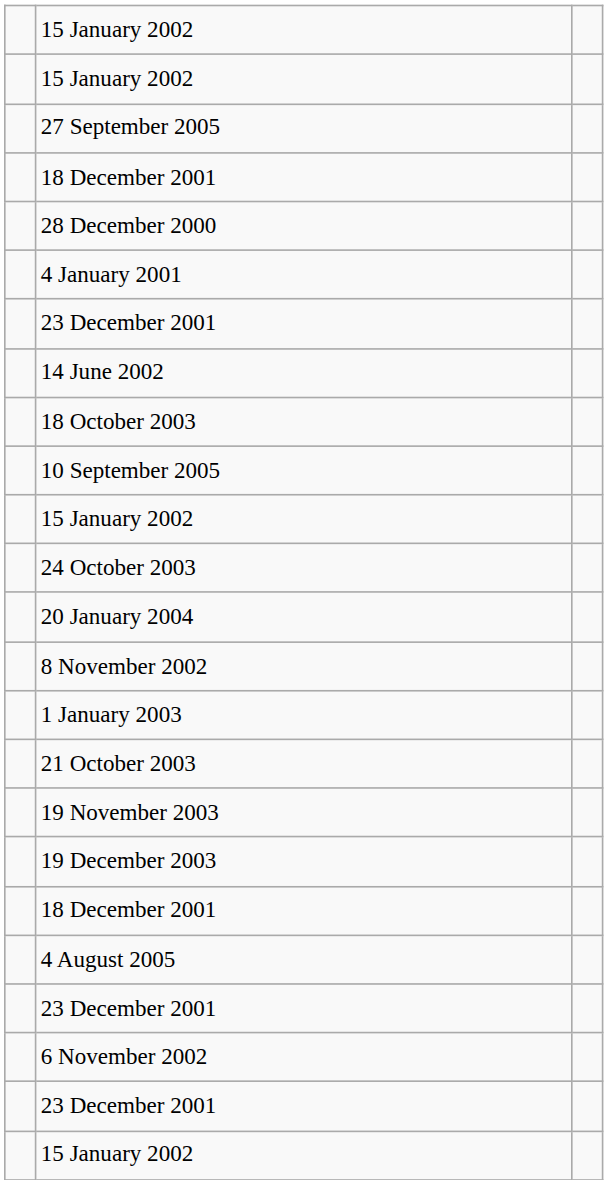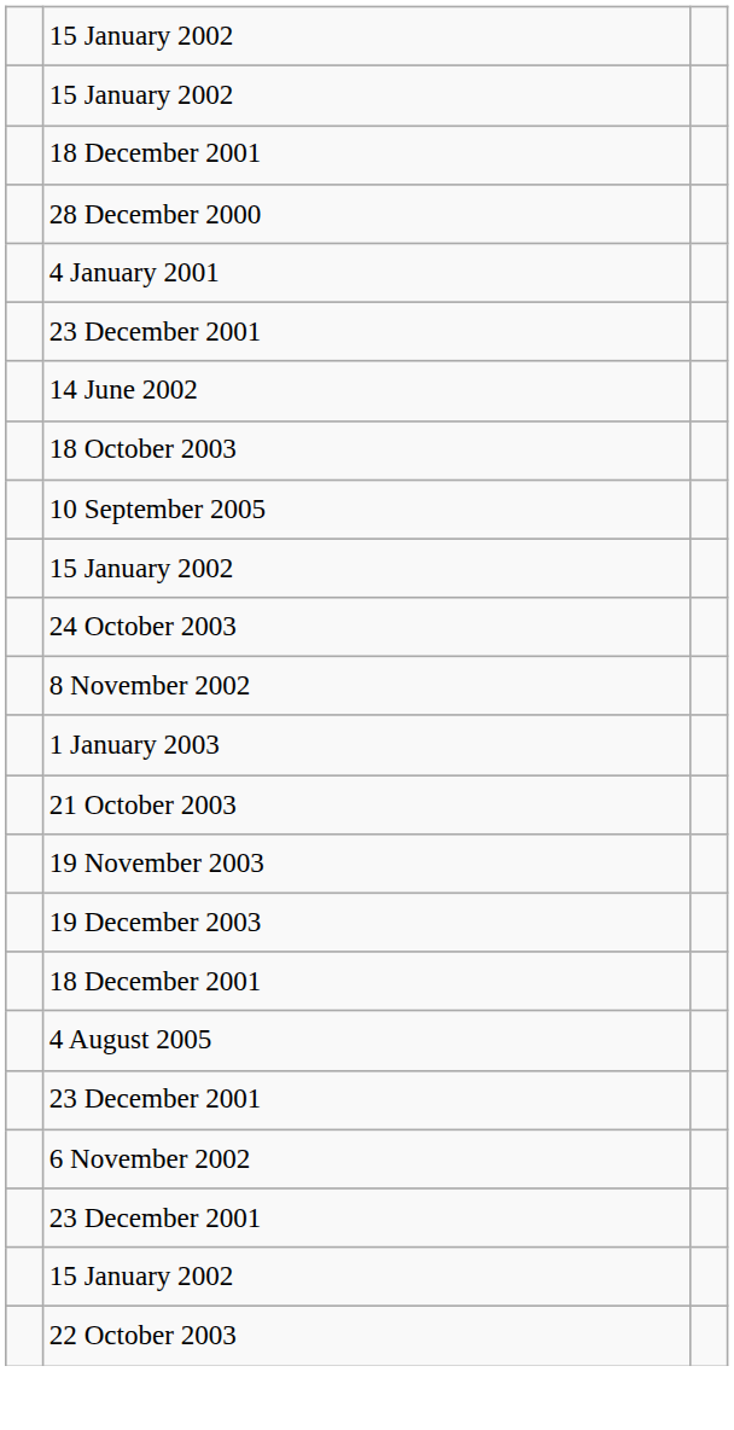 <table class="wikitable" style="font-size: 89%; float: left; width: 26em; margin-right: 1em; line-height: 1.65em !important; height: 675px;">
 <tr>
 <td></td>
 <td>15 January 2002</td>
 <td></td>
 </tr>
 <tr>
 <td></td>
 <td>15 January 2002</td>
-<td></td>
-</tr>
-<tr>
-<td></td>
-<td>27 September 2005</td>
 <td></td>
 </tr>
 <tr>
 <td></td>
 <td>18 December 2001</td>
 <td></td>
 </tr>
 <tr>
 <td></td>
 <td>28 December 2000</td>
 <td></td>
 </tr>
 <tr>
 <td></td>
 <td>4 January 2001</td>
 <td></td>
 </tr>
 <tr>
 <td></td>
 <td>23 December 2001</td>
 <td></td>
 </tr>
 <tr>
 <td></td>
 <td>14 June 2002</td>
 <td></td>
 </tr>
 <tr>
 <td></td>
 <td>18 October 2003</td>
 <td></td>
 </tr>
 <tr>
 <td></td>
 <td>10 September 2005</td>
 <td></td>
 </tr>
 <tr>
 <td></td>
 <td>15 January 2002</td>
 <td></td>
 </tr>
 <tr>
 <td></td>
 <td>24 October 2003</td>
-<td></td>
-</tr>
-<tr>
-<td></td>
-<td>20 January 2004</td>
 <td></td>
 </tr>
 <tr>
 <td></td>
 <td>8 November 2002</td>
 <td></td>
 </tr>
 <tr>
 <td></td>
 <td>1 January 2003</td>
 <td></td>
 </tr>
 <tr>
 <td></td>
 <td>21 October 2003</td>
 <td></td>
 </tr>
 <tr>
 <td></td>
 <td>19 November 2003</td>
 <td></td>
 </tr>
 <tr>
 <td></td>
 <td>19 December 2003</td>
 <td></td>
 </tr>
 <tr>
 <td></td>
 <td>18 December 2001</td>
 <td></td>
 </tr>
 <tr>
 <td></td>
 <td>4 August 2005</td>
 <td></td>
 </tr>
 <tr>
 <td></td>
 <td>23 December 2001</td>
 <td></td>
 </tr>
 <tr>
 <td></td>
 <td>6 November 2002</td>
 <td></td>
 </tr>
 <tr>
 <td></td>
 <td>23 December 2001</td>
 <td></td>
 </tr>
 <tr>
 <td></td>
 <td>15 January 2002</td>
 <td></td>
 </tr>
+<tr>
+<td></td>
+<td>22 October 2003</td>
+<td></td>
+</tr>
 </table>
